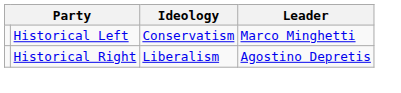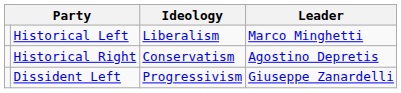 <table class=wikitable>
 <tr>
 <th colspan=2>Party</th>
 <th>Ideology</th>
 <th>Leader</th>
 </tr>
 <tr>
 <td bgcolor=></td>
 <td><a href='#'>Historical Left</a></td>
-<td><a href='#'>Conservatism</a></td>
+<td><a href='#'>Liberalism</a></td>
 <td><a href='#'>Marco Minghetti</a></td>
 </tr>
 <tr>
 <td></td>
 <td><a href='#'>Historical Right</a></td>
-<td><a href='#'>Liberalism</a></td>
+<td><a href='#'>Conservatism</a></td>
 <td><a href='#'>Agostino Depretis</a></td>
 </tr>
+<tr>
+<td bgcolor=></td>
+<td><a href='#'>Dissident Left</a></td>
+<td><a href='#'>Progressivism</a></td>
+<td><a href='#'>Giuseppe Zanardelli</a></td>
+</tr>
 </table>
